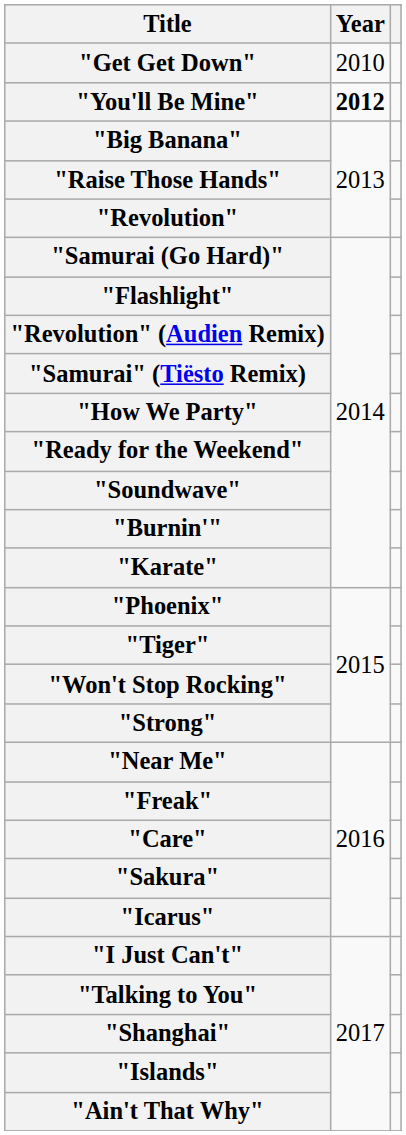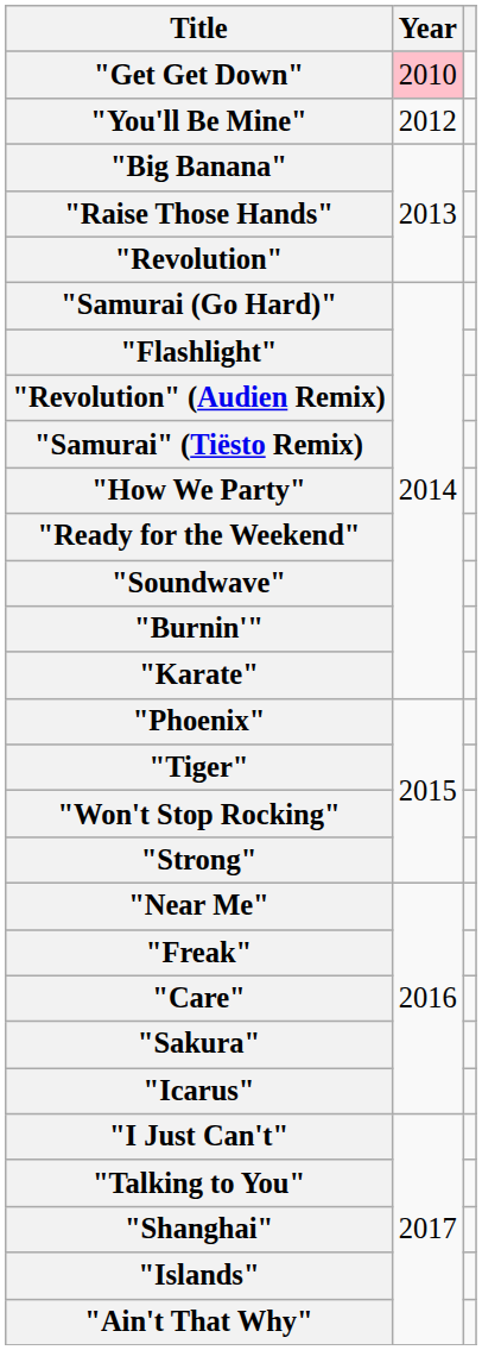 <table class="wikitable plainrowheaders" style="text-align:center;">
 <tr>
 <th scope="col">Title</th>
 <th scope="col">Year</th>
 <th scope="col"></th>
 </tr>
 <tr>
 <th scope="row">"Get Get Down"<br></th>
-<td>2010</td>
+<td style="background: pink;">2010</td>
 <td></td>
 </tr>
 <tr>
 <th scope="row">"You'll Be Mine"<br></th>
-<td><strong>2012</strong></td>
+<td>2012</td>
 <td></td>
 </tr>
 <tr>
 <th scope="row">"Big Banana"<br></th>
 <td rowspan="3">2013</td>
 <td></td>
 </tr>
 <tr>
 <th scope="row">"Raise Those Hands"<br></th>
 <td></td>
 </tr>
 <tr>
 <th scope="row">"Revolution"<br></th>
 <td></td>
 </tr>
 <tr>
 <th scope="row">"Samurai (Go Hard)"</th>
 <td rowspan="9">2014</td>
 <td></td>
 </tr>
 <tr>
 <th scope="row">"Flashlight"<br></th>
 <td></td>
 </tr>
 <tr>
 <th scope="row">"Revolution" (<a href='#'>Audien</a> Remix)<br></th>
 <td></td>
 </tr>
 <tr>
 <th scope="row">"Samurai" (<a href='#'>Tiësto</a> Remix)</th>
 <td></td>
 </tr>
 <tr>
 <th scope="row">"How We Party"<br></th>
 <td></td>
 </tr>
 <tr>
 <th scope="row">"Ready for the Weekend"<br></th>
 <td></td>
 </tr>
 <tr>
 <th scope="row">"Soundwave"<br></th>
 <td></td>
 </tr>
 <tr>
 <th scope="row">"Burnin'"<br></th>
 <td></td>
 </tr>
 <tr>
 <th scope="row">"Karate"<br></th>
 <td></td>
 </tr>
 <tr>
 <th scope="row">"Phoenix"<br></th>
 <td rowspan="4">2015</td>
 <td></td>
 </tr>
 <tr>
 <th scope="row">"Tiger"<br></th>
 <td></td>
 </tr>
 <tr>
 <th scope="row">"Won't Stop Rocking"<br></th>
 <td></td>
 </tr>
 <tr>
 <th scope="row">"Strong"<br></th>
 <td></td>
 </tr>
 <tr>
 <th scope="row">"Near Me"<br></th>
 <td rowspan="5">2016</td>
 <td></td>
 </tr>
 <tr>
 <th scope="row">"Freak"<br></th>
 <td></td>
 </tr>
 <tr>
 <th scope="row">"Care"<br></th>
 <td></td>
 </tr>
 <tr>
 <th scope="row">"Sakura"</th>
 <td></td>
 </tr>
 <tr>
 <th scope="row">"Icarus"</th>
 <td></td>
 </tr>
 <tr>
 <th scope="row">"I Just Can't"<br></th>
 <td rowspan="5">2017</td>
 <td></td>
 </tr>
 <tr>
 <th scope="row">"Talking to You"<br></th>
 <td></td>
 </tr>
 <tr>
 <th scope="row">"Shanghai"<br></th>
 <td></td>
 </tr>
 <tr>
 <th scope="row">"Islands"<br></th>
 <td></td>
 </tr>
 <tr>
 <th scope="row">"Ain't That Why"<br></th>
 <td></td>
 </tr>
 </table>
